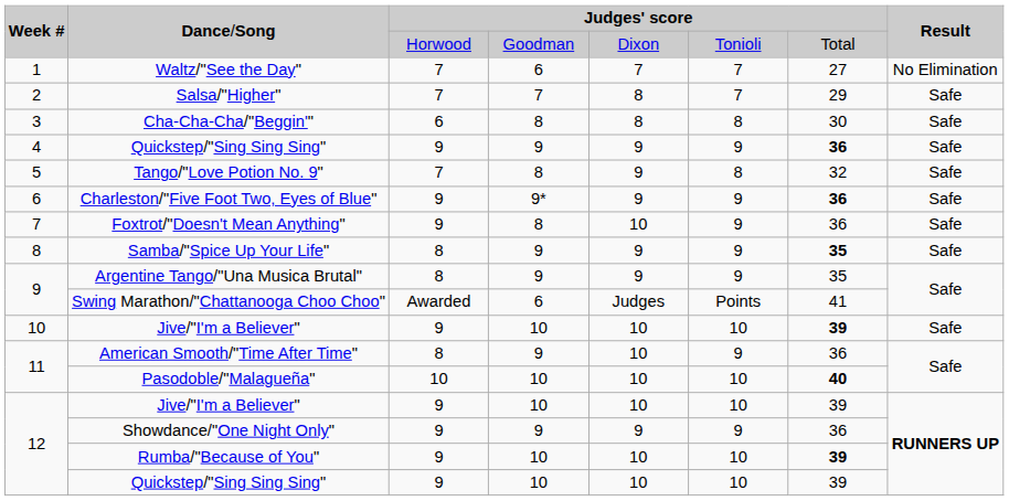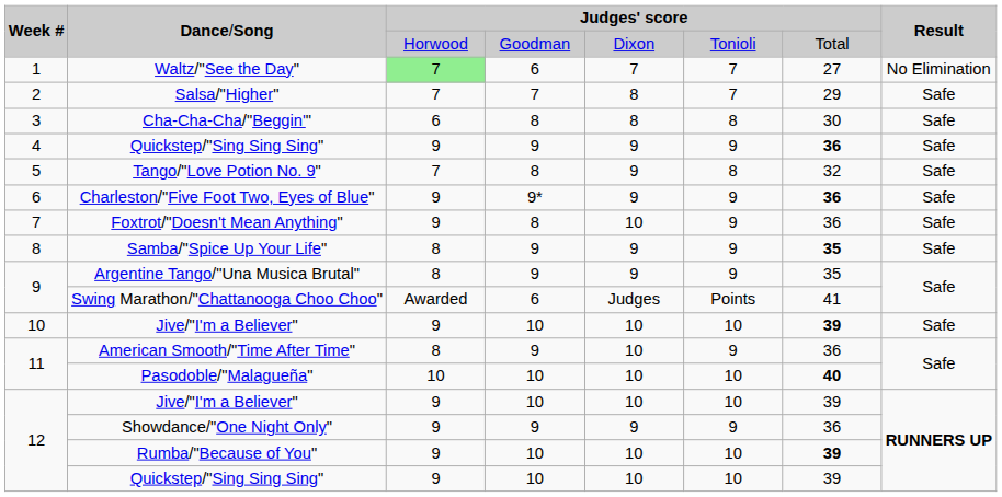 <table class="wikitable" style="float:left;">
 <tr style="text-align:Center; background:#ccc;">
 <td rowspan="2"><strong>Week #</strong></td>
 <td rowspan="2"><strong>Dance</strong>/<strong>Song</strong></td>
 <td colspan="5"><strong>Judges' score</strong></td>
 <td rowspan="2"><strong>Result</strong></td>
 </tr>
 <tr style="text-align:center; background:#ccc;">
 <td style="width:10%; "><a href='#'>Horwood</a></td>
 <td style="width:10%; "><a href='#'>Goodman</a></td>
 <td style="width:10%; "><a href='#'>Dixon</a></td>
 <td style="width:10%; "><a href='#'>Tonioli</a></td>
 <td style="width:10%; ">Total</td>
 </tr>
 <tr style="text-align:center;">
 <td>1</td>
 <td><a href='#'>Waltz</a>/"<a href='#'>See the Day</a>"</td>
-<td>7</td>
+<td style="background: lightgreen;">7</td>
 <td>6</td>
 <td>7</td>
 <td>7</td>
 <td>27</td>
 <td>No Elimination</td>
 </tr>
 <tr>
 <td style="text-align:center;">2</td>
 <td style="text-align:center;"><a href='#'>Salsa</a>/"<a href='#'>Higher</a>"</td>
 <td style="text-align:center;">7</td>
 <td style="text-align:center;">7</td>
 <td style="text-align:center;">8</td>
 <td style="text-align:center;">7</td>
 <td style="text-align:center;">29</td>
 <td style="text-align:center;">Safe</td>
 </tr>
 <tr>
 <td style="text-align:center;">3</td>
 <td style="text-align:center;"><a href='#'>Cha-Cha-Cha</a>/"<a href='#'>Beggin'</a>"</td>
 <td style="text-align:center;">6</td>
 <td style="text-align:center;">8</td>
 <td style="text-align:center;">8</td>
 <td style="text-align:center;">8</td>
 <td style="text-align:center;">30</td>
 <td style="text-align:center;">Safe</td>
 </tr>
 <tr style="text-align:center;">
 <td>4</td>
 <td><a href='#'>Quickstep</a>/"<a href='#'>Sing Sing Sing</a>"</td>
 <td>9</td>
 <td>9</td>
 <td>9</td>
 <td>9</td>
 <td><span><strong>36</strong></span></td>
 <td>Safe</td>
 </tr>
 <tr>
 <td style="text-align:center;">5</td>
 <td style="text-align:center;"><a href='#'>Tango</a>/"<a href='#'>Love Potion No. 9</a>"</td>
 <td style="text-align:center;">7</td>
 <td style="text-align:center;">8</td>
 <td style="text-align:center;">9</td>
 <td style="text-align:center;">8</td>
 <td style="text-align:center;">32</td>
 <td style="text-align:center;">Safe</td>
 </tr>
 <tr>
 <td style="text-align:center;">6</td>
 <td style="text-align:center;"><a href='#'>Charleston</a>/"<a href='#'>Five Foot Two, Eyes of Blue</a>"</td>
 <td style="text-align:center;">9</td>
 <td style="text-align:center;">9*</td>
 <td style="text-align:center;">9</td>
 <td style="text-align:center;">9</td>
 <td style="text-align:center;"><span><strong>36</strong></span></td>
 <td style="text-align:center;">Safe</td>
 </tr>
 <tr style="text-align:center;">
 <td>7</td>
 <td><a href='#'>Foxtrot</a>/"<a href='#'>Doesn't Mean Anything</a>"</td>
 <td>9</td>
 <td>8</td>
 <td>10</td>
 <td>9</td>
 <td>36</td>
 <td>Safe</td>
 </tr>
 <tr style="text-align:center;">
 <td>8</td>
 <td><a href='#'>Samba</a>/"<a href='#'>Spice Up Your Life</a>"</td>
 <td>8</td>
 <td>9</td>
 <td>9</td>
 <td>9</td>
 <td><span><strong>35</strong></span></td>
 <td>Safe</td>
 </tr>
 <tr style="text-align:center;">
 <td rowspan="2">9</td>
 <td><a href='#'>Argentine Tango</a>/"Una Musica Brutal"</td>
 <td>8</td>
 <td>9</td>
 <td>9</td>
 <td>9</td>
 <td>35</td>
 <td rowspan="2">Safe</td>
 </tr>
 <tr>
 <td style="text-align:center;"><a href='#'>Swing</a> Marathon/"<a href='#'>Chattanooga Choo Choo</a>"</td>
 <td style="text-align:center;">Awarded</td>
 <td style="text-align:center;">6</td>
 <td style="text-align:center;">Judges</td>
 <td style="text-align:center;">Points</td>
 <td style="text-align:center;">41</td>
 </tr>
 <tr>
 <td style="text-align:center;">10</td>
 <td style="text-align:center;"><a href='#'>Jive</a>/"<a href='#'>I'm a Believer</a>"</td>
 <td style="text-align:center;">9</td>
 <td style="text-align:center;">10</td>
 <td style="text-align:center;">10</td>
 <td style="text-align:center;">10</td>
 <td style="text-align:center;"><span><strong>39</strong></span></td>
 <td style="text-align:center;">Safe</td>
 </tr>
 <tr>
 <td style="text-align:center;" rowspan="2">11</td>
 <td style="text-align:center;"><a href='#'>American Smooth</a>/"<a href='#'>Time After Time</a>"</td>
 <td style="text-align:center;">8</td>
 <td style="text-align:center;">9</td>
 <td style="text-align:center;">10</td>
 <td style="text-align:center;">9</td>
 <td style="text-align:center;">36</td>
 <td style="text-align:center;" rowspan="2">Safe</td>
 </tr>
 <tr>
 <td style="text-align:center;"><a href='#'>Pasodoble</a>/"<a href='#'>Malagueña</a>"</td>
 <td style="text-align:center;">10</td>
 <td style="text-align:center;">10</td>
 <td style="text-align:center;">10</td>
 <td style="text-align:center;">10</td>
 <td style="text-align:center;"><span><strong>40</strong></span></td>
 </tr>
 <tr>
 <td style="text-align:center;" rowspan="4">12</td>
 <td style="text-align:center;"><a href='#'>Jive</a>/"<a href='#'>I'm a Believer</a>"</td>
 <td style="text-align:center;">9</td>
 <td style="text-align:center;">10</td>
 <td style="text-align:center;">10</td>
 <td style="text-align:center;">10</td>
 <td style="text-align:center;">39</td>
 <td style="text-align:center;" rowspan="4"><strong>RUNNERS UP</strong></td>
 </tr>
 <tr>
 <td style="text-align:center;">Showdance/"<a href='#'>One Night Only</a>"</td>
 <td style="text-align:center;">9</td>
 <td style="text-align:center;">9</td>
 <td style="text-align:center;">9</td>
 <td style="text-align:center;">9</td>
 <td style="text-align:center;">36</td>
 </tr>
 <tr>
 <td style="text-align:center;"><a href='#'>Rumba</a>/"<a href='#'>Because of You</a>"</td>
 <td style="text-align:center;">9</td>
 <td style="text-align:center;">10</td>
 <td style="text-align:center;">10</td>
 <td style="text-align:center;">10</td>
 <td style="text-align:center;"><span><strong>39</strong></span></td>
 </tr>
 <tr style="text-align:center;">
 <td><a href='#'>Quickstep</a>/"<a href='#'>Sing Sing Sing</a>"</td>
 <td>9</td>
 <td>10</td>
 <td>10</td>
 <td>10</td>
 <td>39</td>
 </tr>
 </table>
